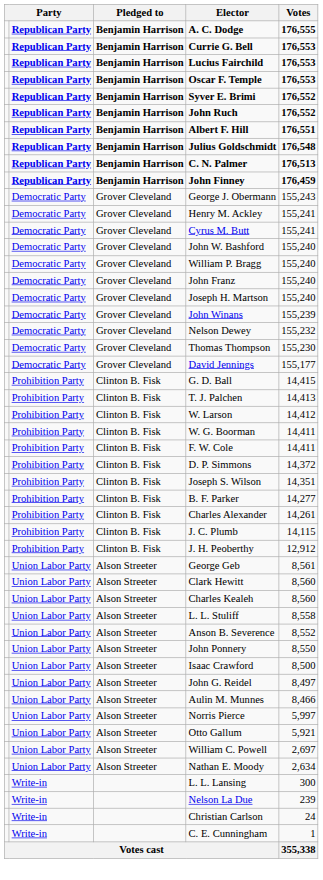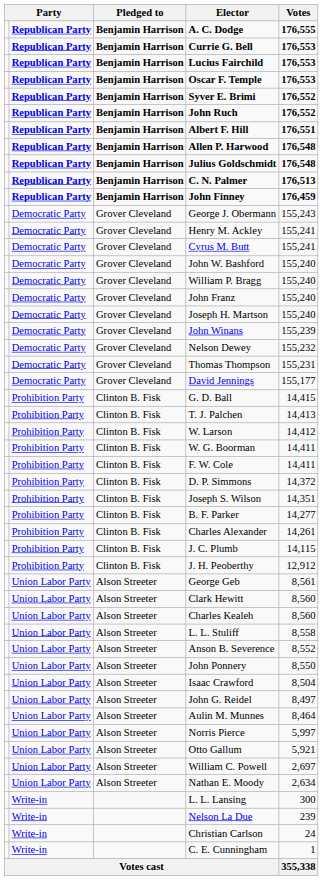 <table class="wikitable">
 <tr>
 <th colspan=2>Party</th>
 <th>Pledged to</th>
 <th>Elector</th>
 <th>Votes</th>
 </tr>
 <tr style="font-weight:bold">
 <td></td>
 <td><a href='#'>Republican Party</a></td>
 <td>Benjamin Harrison</td>
 <td>A. C. Dodge</td>
 <td align="right">176,555</td>
 </tr>
 <tr style="font-weight:bold">
 <td></td>
 <td><a href='#'>Republican Party</a></td>
 <td>Benjamin Harrison</td>
 <td>Currie G. Bell</td>
 <td align="right">176,553</td>
 </tr>
 <tr style="font-weight:bold">
 <td></td>
 <td><a href='#'>Republican Party</a></td>
 <td>Benjamin Harrison</td>
 <td>Lucius Fairchild</td>
 <td align="right">176,553</td>
 </tr>
 <tr style="font-weight:bold">
 <td></td>
 <td><a href='#'>Republican Party</a></td>
 <td>Benjamin Harrison</td>
 <td>Oscar F. Temple</td>
 <td align="right">176,553</td>
 </tr>
 <tr style="font-weight:bold">
 <td></td>
 <td><a href='#'>Republican Party</a></td>
 <td>Benjamin Harrison</td>
 <td>Syver E. Brimi</td>
 <td align="right">176,552</td>
 </tr>
 <tr style="font-weight:bold">
 <td></td>
 <td><a href='#'>Republican Party</a></td>
 <td>Benjamin Harrison</td>
 <td>John Ruch</td>
 <td align="right">176,552</td>
 </tr>
 <tr style="font-weight:bold">
 <td></td>
 <td><a href='#'>Republican Party</a></td>
 <td>Benjamin Harrison</td>
 <td>Albert F. Hill</td>
 <td align="right">176,551</td>
+</tr>
+<tr style="font-weight:bold">
+<td></td>
+<td><a href='#'>Republican Party</a></td>
+<td>Benjamin Harrison</td>
+<td>Allen P. Harwood</td>
+<td align="right">176,548</td>
 </tr>
 <tr style="font-weight:bold">
 <td></td>
 <td><a href='#'>Republican Party</a></td>
 <td>Benjamin Harrison</td>
 <td>Julius Goldschmidt</td>
 <td align="right">176,548</td>
 </tr>
 <tr style="font-weight:bold">
 <td></td>
 <td><a href='#'>Republican Party</a></td>
 <td>Benjamin Harrison</td>
 <td>C. N. Palmer</td>
 <td align="right">176,513</td>
 </tr>
 <tr style="font-weight:bold">
 <td></td>
 <td><a href='#'>Republican Party</a></td>
 <td>Benjamin Harrison</td>
 <td>John Finney</td>
 <td align="right">176,459</td>
 </tr>
 <tr>
 <td></td>
 <td><a href='#'>Democratic Party</a></td>
 <td>Grover Cleveland</td>
 <td>George J. Obermann</td>
 <td align="right">155,243</td>
 </tr>
 <tr>
 <td></td>
 <td><a href='#'>Democratic Party</a></td>
 <td>Grover Cleveland</td>
 <td>Henry M. Ackley</td>
 <td align="right">155,241</td>
 </tr>
 <tr>
 <td></td>
 <td><a href='#'>Democratic Party</a></td>
 <td>Grover Cleveland</td>
 <td><a href='#'>Cyrus M. Butt</a></td>
 <td align="right">155,241</td>
 </tr>
 <tr>
 <td></td>
 <td><a href='#'>Democratic Party</a></td>
 <td>Grover Cleveland</td>
 <td>John W. Bashford</td>
 <td align="right">155,240</td>
 </tr>
 <tr>
 <td></td>
 <td><a href='#'>Democratic Party</a></td>
 <td>Grover Cleveland</td>
 <td>William P. Bragg</td>
 <td align="right">155,240</td>
 </tr>
 <tr>
 <td></td>
 <td><a href='#'>Democratic Party</a></td>
 <td>Grover Cleveland</td>
 <td>John Franz</td>
 <td align="right">155,240</td>
 </tr>
 <tr>
 <td></td>
 <td><a href='#'>Democratic Party</a></td>
 <td>Grover Cleveland</td>
 <td>Joseph H. Martson</td>
 <td align="right">155,240</td>
 </tr>
 <tr>
 <td></td>
 <td><a href='#'>Democratic Party</a></td>
 <td>Grover Cleveland</td>
 <td><a href='#'>John Winans</a></td>
 <td align="right">155,239</td>
 </tr>
 <tr>
 <td></td>
 <td><a href='#'>Democratic Party</a></td>
 <td>Grover Cleveland</td>
 <td>Nelson Dewey</td>
 <td align="right">155,232</td>
 </tr>
 <tr>
 <td></td>
 <td><a href='#'>Democratic Party</a></td>
 <td>Grover Cleveland</td>
 <td>Thomas Thompson</td>
-<td align="right">155,230</td>
+<td align="right">155,231</td>
 </tr>
 <tr>
 <td></td>
 <td><a href='#'>Democratic Party</a></td>
 <td>Grover Cleveland</td>
 <td><a href='#'>David Jennings</a></td>
 <td align="right">155,177</td>
 </tr>
 <tr>
 <td></td>
 <td><a href='#'>Prohibition Party</a></td>
 <td>Clinton B. Fisk</td>
 <td>G. D. Ball</td>
 <td align="right">14,415</td>
 </tr>
 <tr>
 <td></td>
 <td><a href='#'>Prohibition Party</a></td>
 <td>Clinton B. Fisk</td>
 <td>T. J. Palchen</td>
 <td align="right">14,413</td>
 </tr>
 <tr>
 <td></td>
 <td><a href='#'>Prohibition Party</a></td>
 <td>Clinton B. Fisk</td>
 <td>W. Larson</td>
 <td align="right">14,412</td>
 </tr>
 <tr>
 <td></td>
 <td><a href='#'>Prohibition Party</a></td>
 <td>Clinton B. Fisk</td>
 <td>W. G. Boorman</td>
 <td align="right">14,411</td>
 </tr>
 <tr>
 <td></td>
 <td><a href='#'>Prohibition Party</a></td>
 <td>Clinton B. Fisk</td>
 <td>F. W. Cole</td>
 <td align="right">14,411</td>
 </tr>
 <tr>
 <td></td>
 <td><a href='#'>Prohibition Party</a></td>
 <td>Clinton B. Fisk</td>
 <td>D. P. Simmons</td>
 <td align="right">14,372</td>
 </tr>
 <tr>
 <td></td>
 <td><a href='#'>Prohibition Party</a></td>
 <td>Clinton B. Fisk</td>
 <td>Joseph S. Wilson</td>
 <td align="right">14,351</td>
 </tr>
 <tr>
 <td></td>
 <td><a href='#'>Prohibition Party</a></td>
 <td>Clinton B. Fisk</td>
 <td>B. F. Parker</td>
 <td align="right">14,277</td>
 </tr>
 <tr>
 <td></td>
 <td><a href='#'>Prohibition Party</a></td>
 <td>Clinton B. Fisk</td>
 <td>Charles Alexander</td>
 <td align="right">14,261</td>
 </tr>
 <tr>
 <td></td>
 <td><a href='#'>Prohibition Party</a></td>
 <td>Clinton B. Fisk</td>
 <td>J. C. Plumb</td>
 <td align="right">14,115</td>
 </tr>
 <tr>
 <td></td>
 <td><a href='#'>Prohibition Party</a></td>
 <td>Clinton B. Fisk</td>
 <td>J. H. Peoberthy</td>
 <td align="right">12,912</td>
 </tr>
 <tr>
 <td></td>
 <td><a href='#'>Union Labor Party</a></td>
 <td>Alson Streeter</td>
 <td>George Geb</td>
 <td align="right">8,561</td>
 </tr>
 <tr>
 <td></td>
 <td><a href='#'>Union Labor Party</a></td>
 <td>Alson Streeter</td>
 <td>Clark Hewitt</td>
 <td align="right">8,560</td>
 </tr>
 <tr>
 <td></td>
 <td><a href='#'>Union Labor Party</a></td>
 <td>Alson Streeter</td>
 <td>Charles Kealeh</td>
 <td align="right">8,560</td>
 </tr>
 <tr>
 <td></td>
 <td><a href='#'>Union Labor Party</a></td>
 <td>Alson Streeter</td>
 <td>L. L. Stuliff</td>
 <td align="right">8,558</td>
 </tr>
 <tr>
 <td></td>
 <td><a href='#'>Union Labor Party</a></td>
 <td>Alson Streeter</td>
 <td>Anson B. Severence</td>
 <td align="right">8,552</td>
 </tr>
 <tr>
 <td></td>
 <td><a href='#'>Union Labor Party</a></td>
 <td>Alson Streeter</td>
 <td>John Ponnery</td>
 <td align="right">8,550</td>
 </tr>
 <tr>
 <td></td>
 <td><a href='#'>Union Labor Party</a></td>
 <td>Alson Streeter</td>
 <td>Isaac Crawford</td>
-<td align="right">8,500</td>
+<td align="right">8,504</td>
 </tr>
 <tr>
 <td></td>
 <td><a href='#'>Union Labor Party</a></td>
 <td>Alson Streeter</td>
 <td>John G. Reidel</td>
 <td align="right">8,497</td>
 </tr>
 <tr>
 <td></td>
 <td><a href='#'>Union Labor Party</a></td>
 <td>Alson Streeter</td>
 <td>Aulin M. Munnes</td>
-<td align="right">8,466</td>
+<td align="right">8,464</td>
 </tr>
 <tr>
 <td></td>
 <td><a href='#'>Union Labor Party</a></td>
 <td>Alson Streeter</td>
 <td>Norris Pierce</td>
 <td align="right">5,997</td>
 </tr>
 <tr>
 <td></td>
 <td><a href='#'>Union Labor Party</a></td>
 <td>Alson Streeter</td>
 <td>Otto Gallum</td>
 <td align="right">5,921</td>
 </tr>
 <tr>
 <td></td>
 <td><a href='#'>Union Labor Party</a></td>
 <td>Alson Streeter</td>
 <td>William C. Powell</td>
 <td align="right">2,697</td>
 </tr>
 <tr>
 <td></td>
 <td><a href='#'>Union Labor Party</a></td>
 <td>Alson Streeter</td>
 <td>Nathan E. Moody</td>
 <td align="right">2,634</td>
 </tr>
 <tr>
 <td></td>
 <td><a href='#'>Write-in</a></td>
 <td></td>
 <td>L. L. Lansing</td>
 <td align="right">300</td>
 </tr>
 <tr>
 <td></td>
 <td><a href='#'>Write-in</a></td>
 <td></td>
 <td><a href='#'>Nelson La Due</a></td>
 <td align="right">239</td>
 </tr>
 <tr>
 <td></td>
 <td><a href='#'>Write-in</a></td>
 <td></td>
 <td>Christian Carlson</td>
 <td align="right">24</td>
 </tr>
 <tr>
 <td></td>
 <td><a href='#'>Write-in</a></td>
 <td></td>
 <td>C. E. Cunningham</td>
 <td align="right">1</td>
 </tr>
 <tr>
 <th colspan="4">Votes cast</th>
 <th>355,338</th>
 </tr>
 </table>
